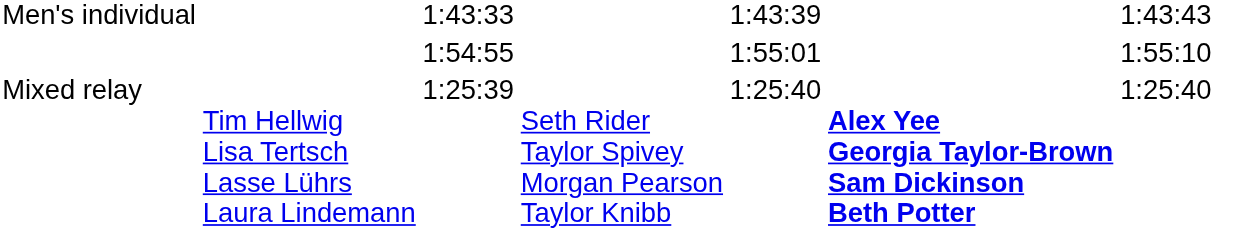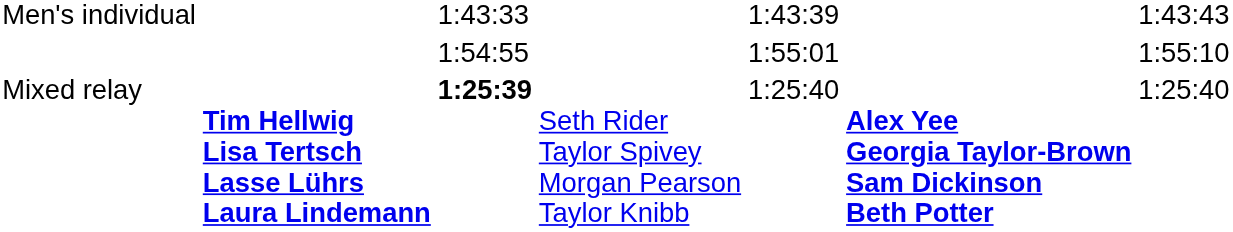 <table>
 <tr>
 <td>Men's individual<br></td>
 <td></td>
 <td>1:43:33</td>
 <td></td>
 <td>1:43:39</td>
 <td></td>
 <td>1:43:43</td>
 </tr>
 <tr>
 <td><br></td>
 <td></td>
 <td>1:54:55</td>
 <td></td>
 <td>1:55:01</td>
 <td></td>
 <td>1:55:10</td>
 </tr>
 <tr valign="top">
 <td>Mixed relay<br></td>
-<td><br><a href='#'>Tim Hellwig</a><br><a href='#'>Lisa Tertsch</a><br><a href='#'>Lasse Lührs</a><br><a href='#'>Laura Lindemann</a></td>
-<td>1:25:39</td>
+<td><strong><br><a href='#'>Tim Hellwig</a><br><a href='#'>Lisa Tertsch</a><br><a href='#'>Lasse Lührs</a><br><a href='#'>Laura Lindemann</a></strong></td>
+<td><strong>1:25:39</strong></td>
 <td><br><a href='#'>Seth Rider</a><br><a href='#'>Taylor Spivey</a><br><a href='#'>Morgan Pearson</a><br><a href='#'>Taylor Knibb</a></td>
 <td>1:25:40</td>
 <td><strong><br><a href='#'>Alex Yee</a><br><a href='#'>Georgia Taylor-Brown</a><br><a href='#'>Sam Dickinson</a><br><a href='#'>Beth Potter</a></strong></td>
 <td>1:25:40</td>
 </tr>
 </table>
